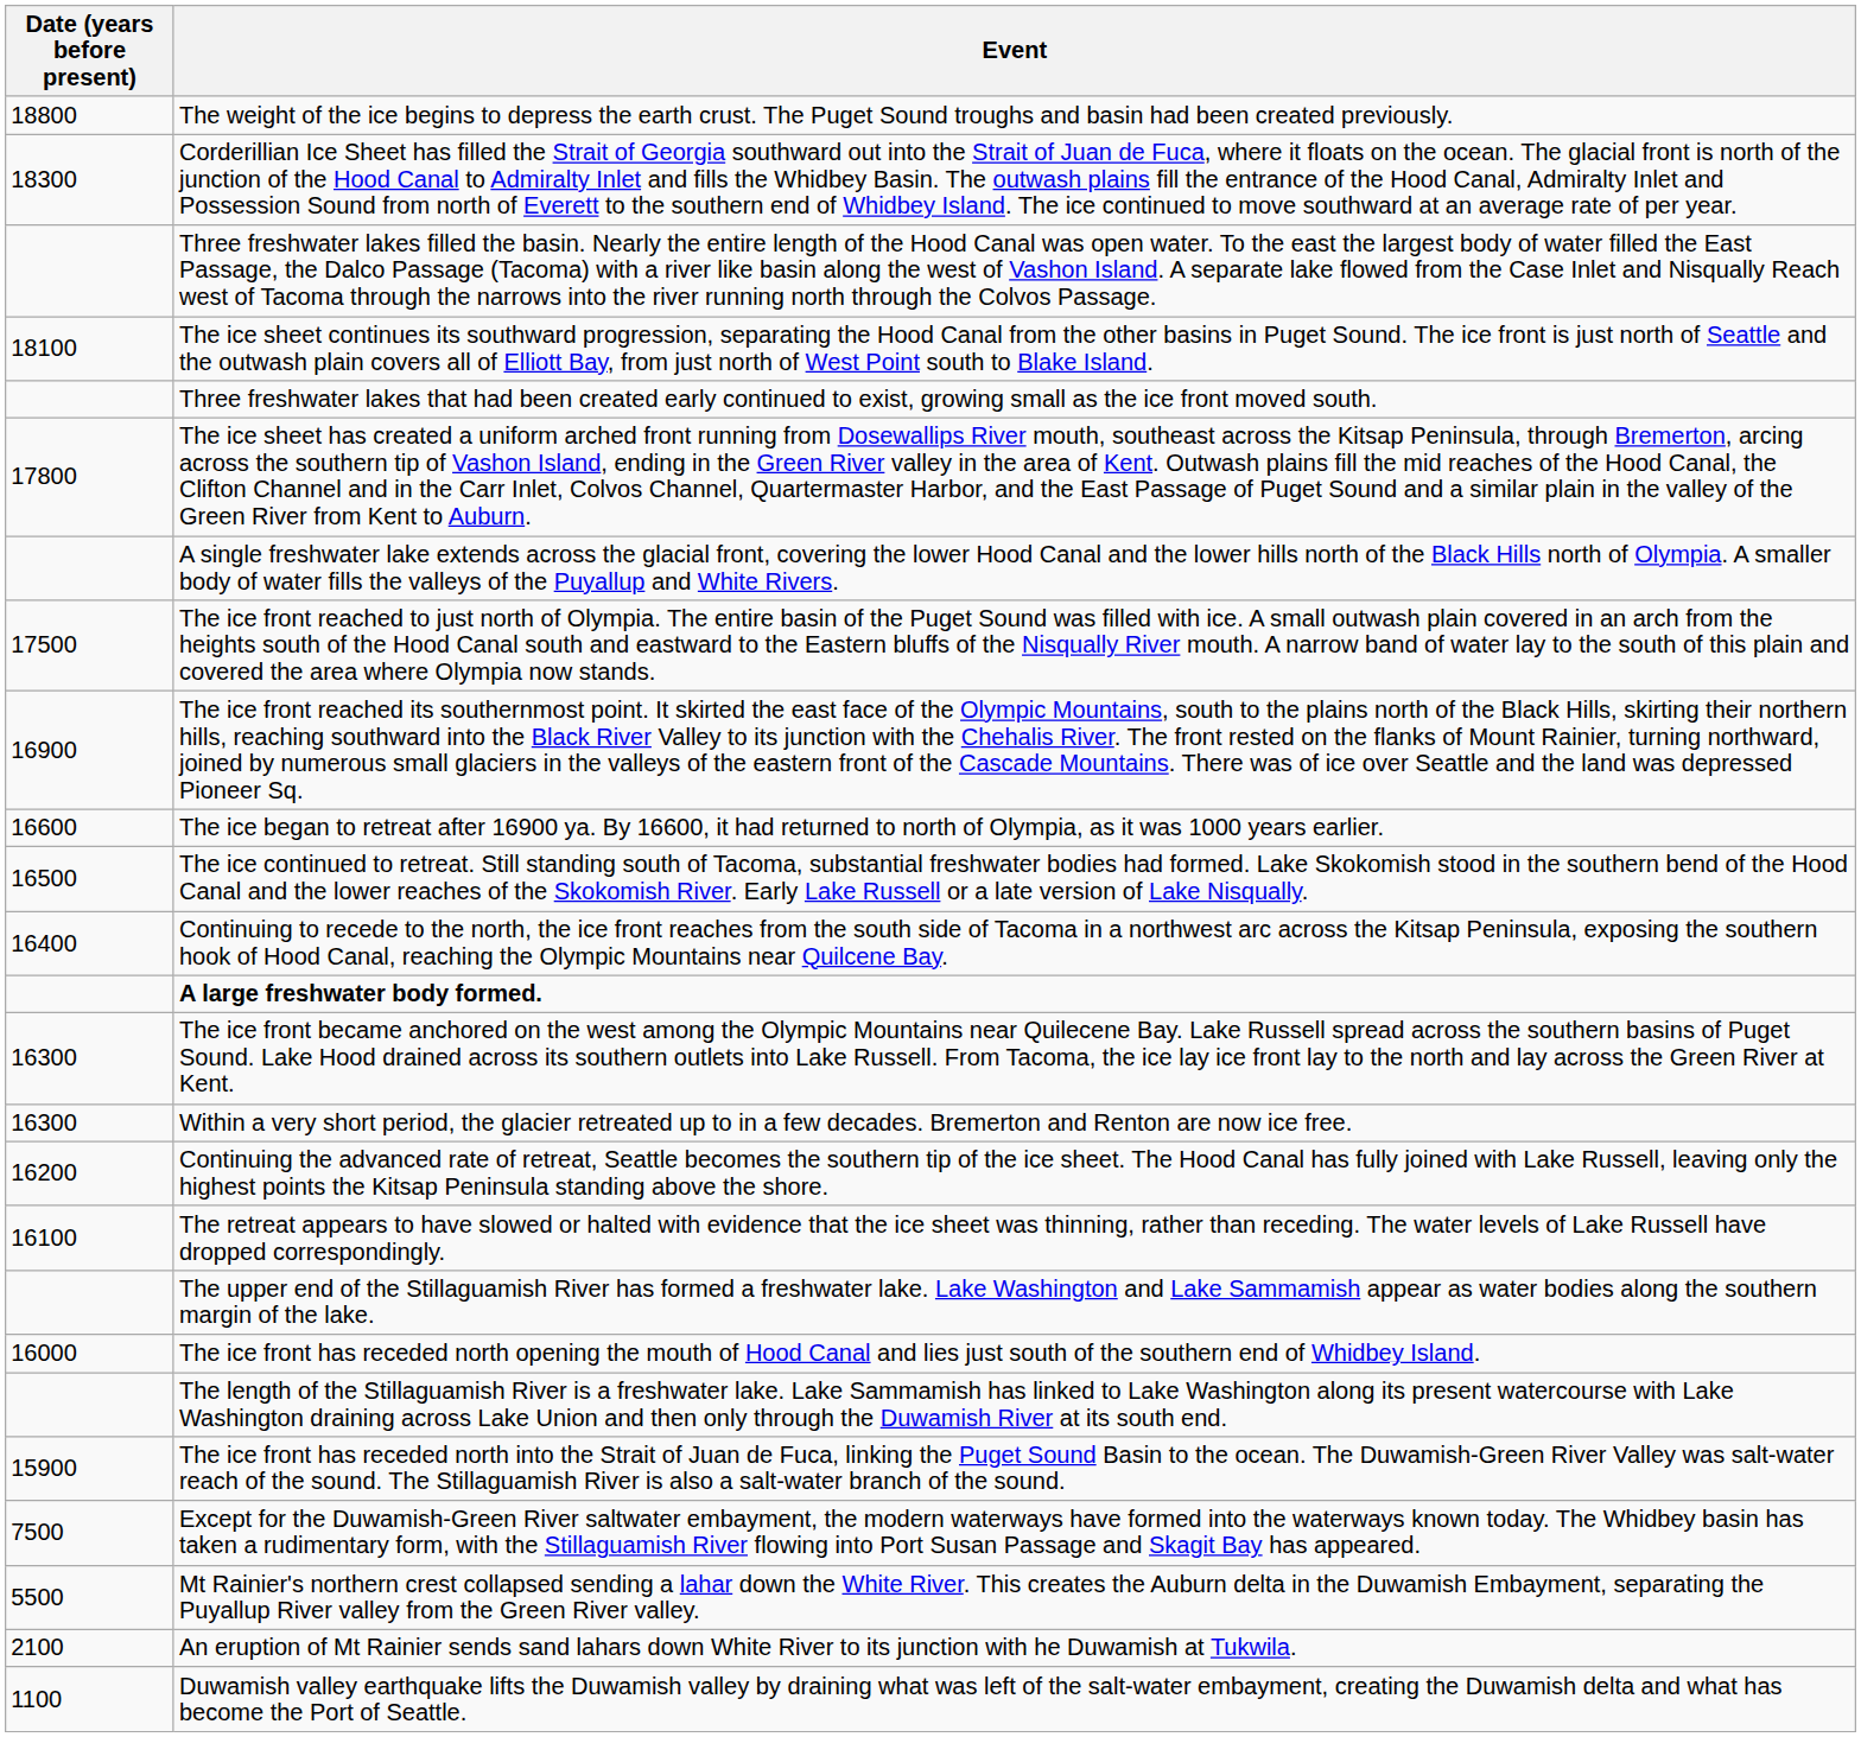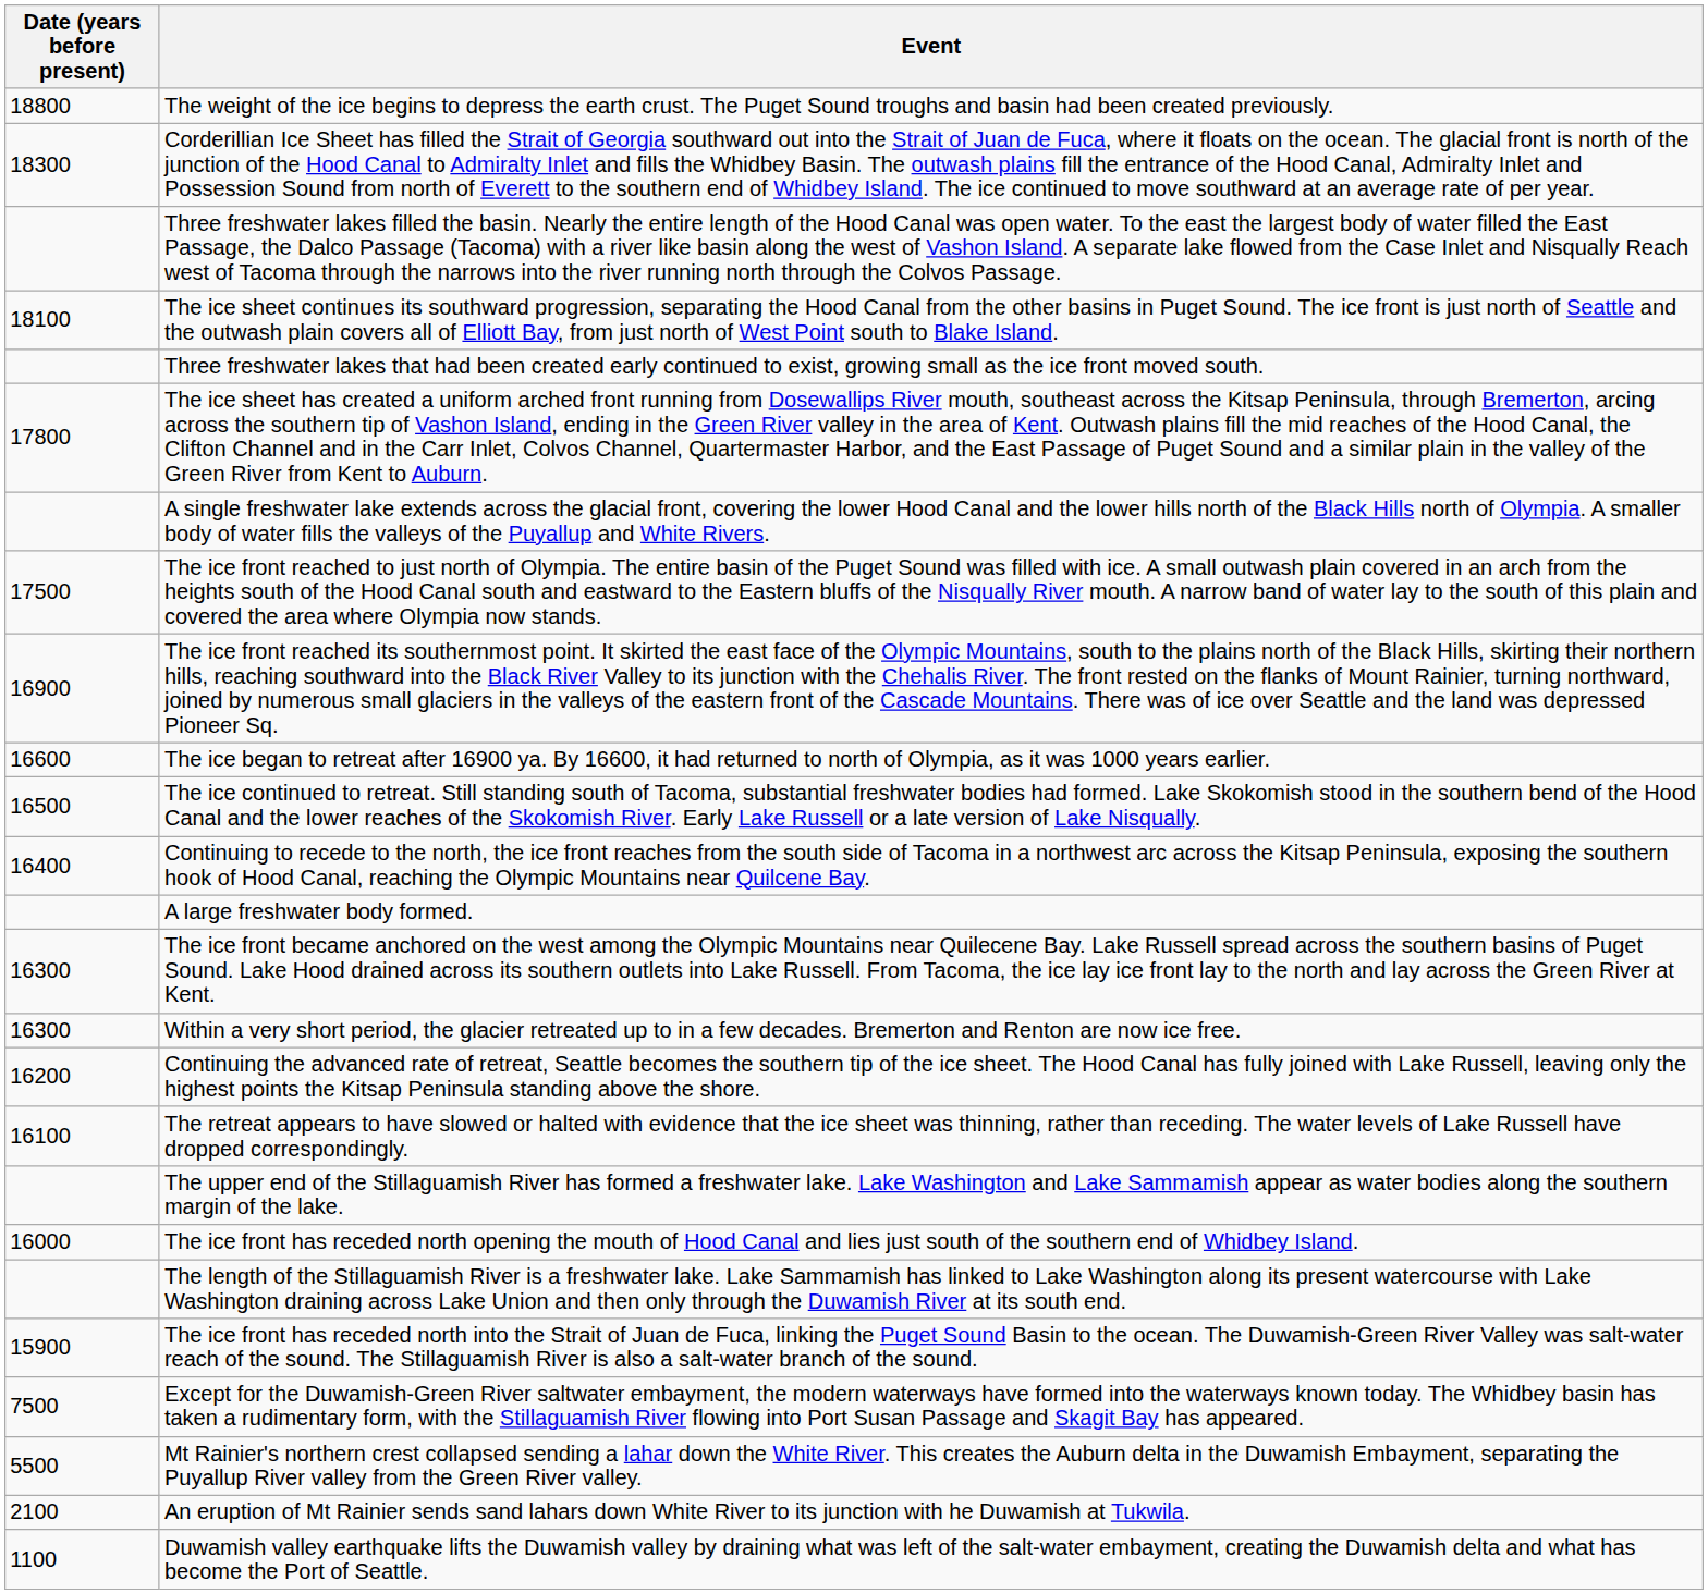 <table class="wikitable">
 <tr>
 <th>Date (years before present)</th>
 <th>Event</th>
 </tr>
 <tr>
 <td>18800</td>
 <td>The weight of the ice begins to depress the earth crust.  The Puget Sound troughs and basin had been created previously.</td>
 </tr>
 <tr>
 <td>18300</td>
 <td>Corderillian Ice Sheet has filled the <a href='#'>Strait of Georgia</a> southward out into the <a href='#'>Strait of Juan de Fuca</a>, where it floats on the ocean.  The glacial front is  north of the junction of the <a href='#'>Hood Canal</a> to <a href='#'>Admiralty Inlet</a> and fills the Whidbey Basin.  The <a href='#'>outwash plains</a> fill the entrance of the Hood Canal, Admiralty Inlet and Possession Sound from north of <a href='#'>Everett</a> to the southern end of <a href='#'>Whidbey Island</a>.  The ice continued to move southward at an average rate of  per year.</td>
 </tr>
 <tr>
 <td></td>
 <td>Three freshwater lakes filled the basin.  Nearly the entire length of the Hood Canal was open water.  To the east the largest body of water filled the East Passage, the Dalco Passage (Tacoma) with a river like basin along the west of <a href='#'>Vashon Island</a>.  A separate lake flowed from the Case Inlet and Nisqually Reach west of Tacoma through the narrows into the river running north through the Colvos Passage.</td>
 </tr>
 <tr>
 <td>18100</td>
 <td>The ice sheet continues its southward progression, separating the Hood Canal from the other basins in Puget Sound.  The ice front is just north of <a href='#'>Seattle</a> and the outwash plain covers all of <a href='#'>Elliott Bay</a>, from just north of <a href='#'>West Point</a> south to <a href='#'>Blake Island</a>.</td>
 </tr>
 <tr>
 <td></td>
 <td>Three freshwater lakes that had been created early continued to exist, growing small as the ice front moved south.</td>
 </tr>
 <tr>
 <td>17800</td>
 <td>The ice sheet has created a uniform arched front running from <a href='#'>Dosewallips River</a> mouth, southeast across the Kitsap Peninsula, through <a href='#'>Bremerton</a>, arcing across the southern tip of <a href='#'>Vashon Island</a>, ending in the <a href='#'>Green River</a> valley in the area of <a href='#'>Kent</a>.  Outwash plains fill the mid reaches of the Hood Canal, the Clifton Channel and  in the Carr Inlet, Colvos Channel, Quartermaster Harbor, and the East Passage of Puget Sound and a similar plain in the valley of the Green River from Kent to <a href='#'>Auburn</a>.</td>
 </tr>
 <tr>
 <td></td>
 <td>A single freshwater lake extends across the glacial front, covering the lower Hood Canal and the lower hills north of the <a href='#'>Black Hills</a> north of <a href='#'>Olympia</a>.  A smaller body of water fills the valleys of the <a href='#'>Puyallup</a> and <a href='#'>White Rivers</a>.</td>
 </tr>
 <tr>
 <td>17500</td>
 <td>The ice front reached to just north of Olympia.  The entire basin of the Puget Sound was filled with ice.  A small outwash plain covered  in an arch from the heights south of the Hood Canal south and eastward to the Eastern bluffs of the <a href='#'>Nisqually River</a> mouth.  A narrow band of water lay to the south of this plain and covered the area where Olympia now stands.</td>
 </tr>
 <tr>
 <td>16900</td>
 <td>The ice front reached its southernmost point. It skirted the east face of the <a href='#'>Olympic Mountains</a>, south to the plains north of the Black Hills, skirting their northern hills, reaching southward into the <a href='#'>Black River</a> Valley to its junction with the <a href='#'>Chehalis River</a>.  The front rested on the flanks of Mount Rainier, turning northward, joined by numerous small glaciers in the valleys of the eastern front of the <a href='#'>Cascade Mountains</a>.  There was  of ice over Seattle and the land was depressed  Pioneer Sq.</td>
 </tr>
 <tr>
 <td>16600</td>
 <td>The ice began to retreat after 16900 ya.  By 16600, it had returned to north of Olympia, as it was 1000 years earlier.</td>
 </tr>
 <tr>
 <td>16500</td>
 <td>The ice continued to retreat.  Still standing south of Tacoma, substantial freshwater bodies had formed.  Lake Skokomish stood in the southern bend of the Hood Canal and the lower reaches of the <a href='#'>Skokomish River</a>. Early <a href='#'>Lake Russell</a> or a late version of <a href='#'>Lake Nisqually</a>.</td>
 </tr>
 <tr>
 <td>16400</td>
 <td>Continuing to recede to the north, the ice front reaches from the south side of Tacoma in a northwest arc across the Kitsap Peninsula, exposing the southern hook of Hood Canal, reaching the Olympic Mountains near <a href='#'>Quilcene Bay</a>.</td>
 </tr>
 <tr>
 <td></td>
-<td><strong>A large freshwater body formed.</strong></td>
+<td>A large freshwater body formed.</td>
 </tr>
 <tr>
 <td>16300</td>
 <td>The ice front became anchored on the west among the Olympic Mountains near Quilecene Bay.  Lake Russell spread across the southern basins of Puget Sound.    Lake Hood drained across its southern outlets into Lake Russell. From Tacoma, the ice lay ice front lay  to the north and lay across the Green River at Kent.</td>
 </tr>
 <tr>
 <td>16300</td>
 <td>Within a very short period, the glacier retreated up to  in a few decades.  Bremerton and Renton are now ice free.</td>
 </tr>
 <tr>
 <td>16200</td>
 <td>Continuing the advanced rate of retreat, Seattle becomes the southern tip of the ice sheet. The Hood Canal has fully joined with Lake Russell, leaving only the highest points the Kitsap Peninsula standing above the shore.</td>
 </tr>
 <tr>
 <td>16100</td>
 <td>The retreat appears to have slowed or halted with evidence that the ice sheet was thinning, rather than receding. The water levels of Lake Russell have dropped correspondingly.</td>
 </tr>
 <tr>
 <td></td>
 <td>The upper end of the Stillaguamish River has formed a freshwater lake.  <a href='#'>Lake Washington</a> and <a href='#'>Lake Sammamish</a> appear as water bodies along the southern margin of the lake.</td>
 </tr>
 <tr>
 <td>16000</td>
 <td>The ice front has receded north opening the mouth of <a href='#'>Hood Canal</a> and lies just south of the southern end of <a href='#'>Whidbey Island</a>.</td>
 </tr>
 <tr>
 <td></td>
 <td>The length of the Stillaguamish River is a freshwater lake.  Lake Sammamish has linked to Lake Washington along its present watercourse with Lake Washington draining across Lake Union and then only through the <a href='#'>Duwamish River</a> at its south end.</td>
 </tr>
 <tr>
 <td>15900</td>
 <td>The ice front has receded north into the Strait of Juan de Fuca, linking the <a href='#'>Puget Sound</a> Basin to the ocean.  The Duwamish-Green River Valley was salt-water reach of the sound. The Stillaguamish River is also a salt-water branch of the sound.</td>
 </tr>
 <tr>
 <td>7500</td>
 <td>Except for the Duwamish-Green River saltwater embayment, the modern waterways have formed into the waterways known today. The Whidbey basin has taken a rudimentary form, with the <a href='#'>Stillaguamish River</a> flowing into Port Susan Passage and <a href='#'>Skagit Bay</a> has appeared.</td>
 </tr>
 <tr>
 <td>5500</td>
 <td>Mt Rainier's northern crest collapsed sending a <a href='#'>lahar</a> down the <a href='#'>White River</a>.  This creates the Auburn delta in the Duwamish Embayment, separating the Puyallup River valley from the Green River valley.</td>
 </tr>
 <tr>
 <td>2100</td>
 <td>An eruption of Mt Rainier sends sand lahars down White River to its junction with he Duwamish at <a href='#'>Tukwila</a>.</td>
 </tr>
 <tr>
 <td>1100</td>
 <td>Duwamish valley earthquake lifts the Duwamish valley by  draining what was left of the salt-water embayment, creating the Duwamish delta and what has become the Port of Seattle.</td>
 </tr>
 </table>
